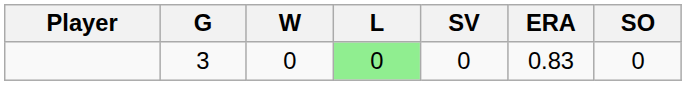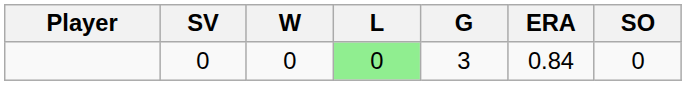 <table class="wikitable sortable">
 <tr>
 <th bgcolor="#DDDDFF" width="16%">Player</th>
-<th bgcolor="#DDDDFF" width="9%">G</th>
+<th bgcolor="#DDDDFF" width="9%">SV</th>
 <th bgcolor="#DDDDFF" width="9%">W</th>
 <th bgcolor="#DDDDFF" width="9%">L</th>
-<th bgcolor="#DDDDFF" width="9%">SV</th>
+<th bgcolor="#DDDDFF" width="9%">G</th>
 <th bgcolor="#DDDDFF" width="9%">ERA</th>
 <th bgcolor="#DDDDFF" width="9%">SO</th>
 </tr>
 <tr align="center">
 <td></td>
-<td>3</td>
+<td>0</td>
 <td>0</td>
 <td style="background: lightgreen;">0</td>
-<td>0</td>
-<td>0.83</td>
+<td>3</td>
+<td>0.84</td>
 <td>0</td>
 </tr>
 </table>
